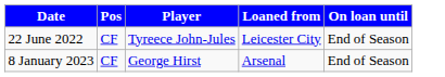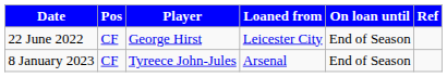 <table class="wikitable plainrowheaders sortable">
 <tr>
 <th style="background:#0000FF; color:#FFFFFF; ">Date</th>
 <th style="background:#0000FF; color:#FFFFFF; ">Pos</th>
 <th style="background:#0000FF; color:#FFFFFF; ">Player</th>
 <th style="background:#0000FF; color:#FFFFFF; ">Loaned from</th>
 <th style="background:#0000FF; color:#FFFFFF; ">On loan until</th>
+<th style="background:#0000FF; color:#FFFFFF; ">Ref</th>
 </tr>
 <tr>
 <td>22 June 2022</td>
 <td><a href='#'>CF</a></td>
-<td> <a href='#'>Tyreece John-Jules</a></td>
+<td> <a href='#'>George Hirst</a></td>
 <td> <a href='#'>Leicester City</a></td>
 <td>End of Season</td>
+<td></td>
 </tr>
 <tr>
 <td>8 January 2023</td>
 <td><a href='#'>CF</a></td>
-<td> <a href='#'>George Hirst</a></td>
+<td> <a href='#'>Tyreece John-Jules</a></td>
 <td> <a href='#'>Arsenal</a></td>
 <td>End of Season</td>
+<td></td>
 </tr>
 </table>
